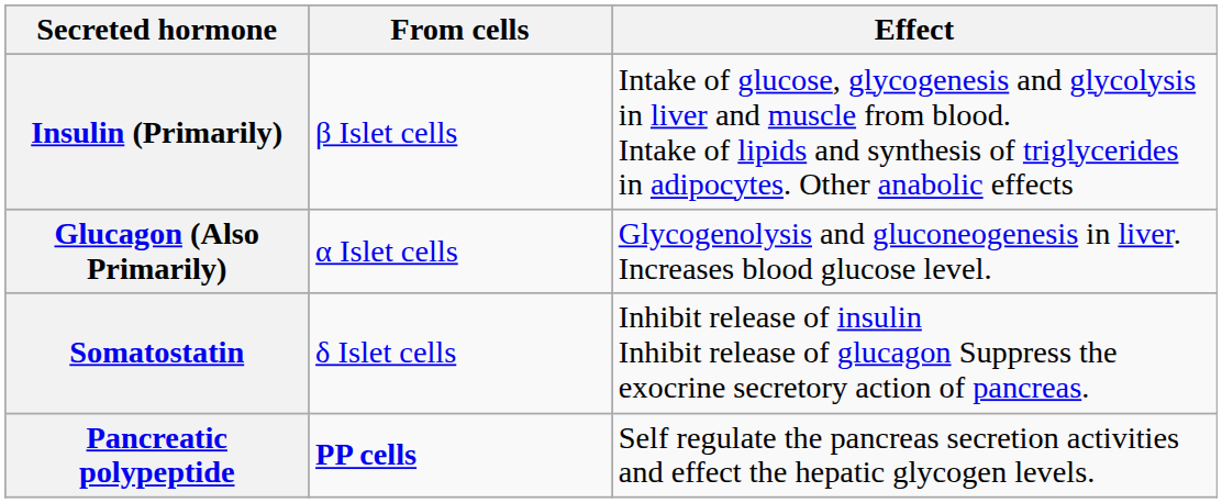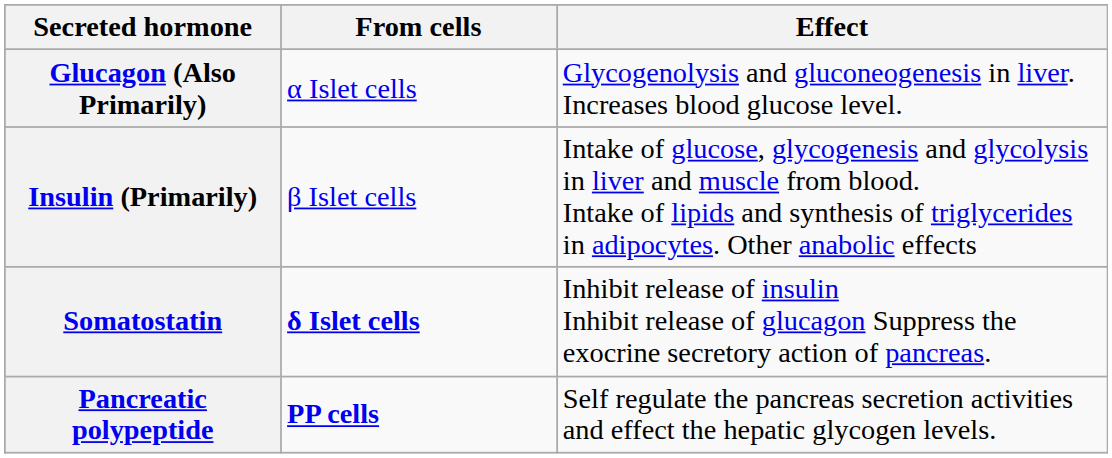 <table class="wikitable" width=100%>
 <tr>
 <th width=25%>Secreted hormone</th>
 <th width=25%>From cells</th>
 <th>Effect</th>
 </tr>
 <tr>
+<th><a href='#'>Glucagon</a> (Also Primarily)</th>
+<td><a href='#'>α Islet cells</a></td>
+<td><a href='#'>Glycogenolysis</a> and <a href='#'>gluconeogenesis</a> in <a href='#'>liver</a>.<br>Increases blood glucose level.</td>
+</tr>
+<tr>
 <th><a href='#'>Insulin</a> (Primarily)</th>
 <td><a href='#'>β Islet cells</a></td>
 <td>Intake of <a href='#'>glucose</a>, <a href='#'>glycogenesis</a> and <a href='#'>glycolysis</a> in <a href='#'>liver</a> and <a href='#'>muscle</a> from blood.<br>Intake of <a href='#'>lipids</a> and synthesis of <a href='#'>triglycerides</a> in <a href='#'>adipocytes</a>. Other <a href='#'>anabolic</a> effects</td>
 </tr>
 <tr>
-<th><a href='#'>Glucagon</a> (Also Primarily)</th>
-<td><a href='#'>α Islet cells</a></td>
-<td><a href='#'>Glycogenolysis</a> and <a href='#'>gluconeogenesis</a> in <a href='#'>liver</a>.<br>Increases blood glucose level.</td>
-</tr>
-<tr>
 <th><a href='#'>Somatostatin</a></th>
-<td><a href='#'>δ Islet cells</a></td>
+<td><strong><a href='#'>δ Islet cells</a></strong></td>
 <td>Inhibit release of <a href='#'>insulin</a><br>Inhibit release of <a href='#'>glucagon</a> Suppress the exocrine secretory action of <a href='#'>pancreas</a>.</td>
 </tr>
 <tr>
 <th><a href='#'>Pancreatic polypeptide</a></th>
 <td><strong><a href='#'>PP cells</a></strong></td>
 <td>Self regulate the pancreas secretion activities and effect the hepatic glycogen levels.</td>
 </tr>
 </table>
